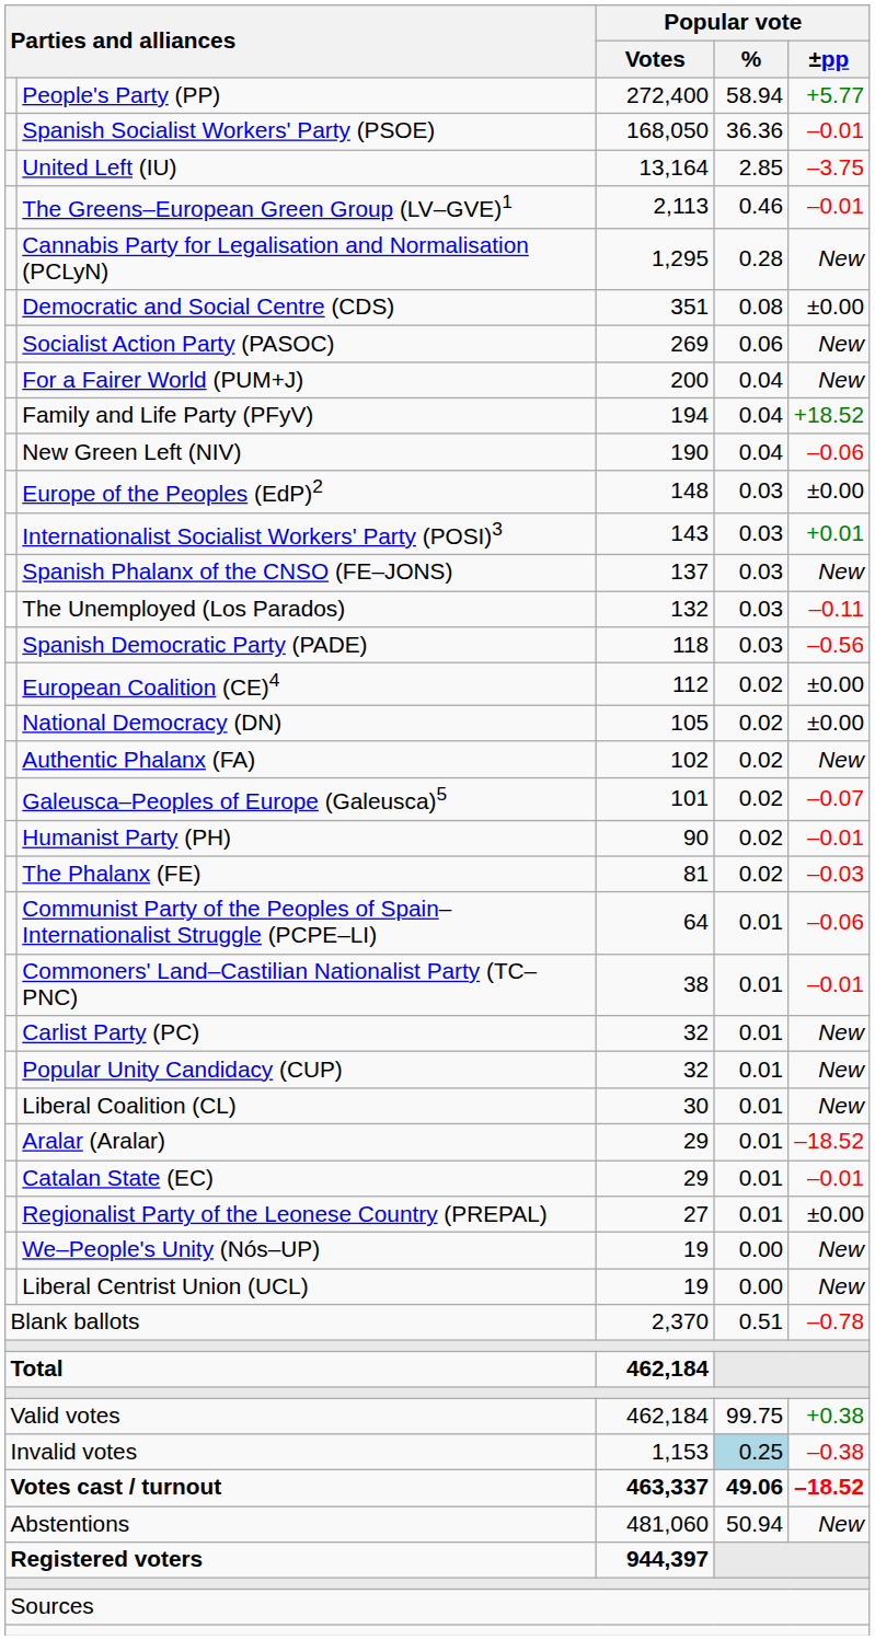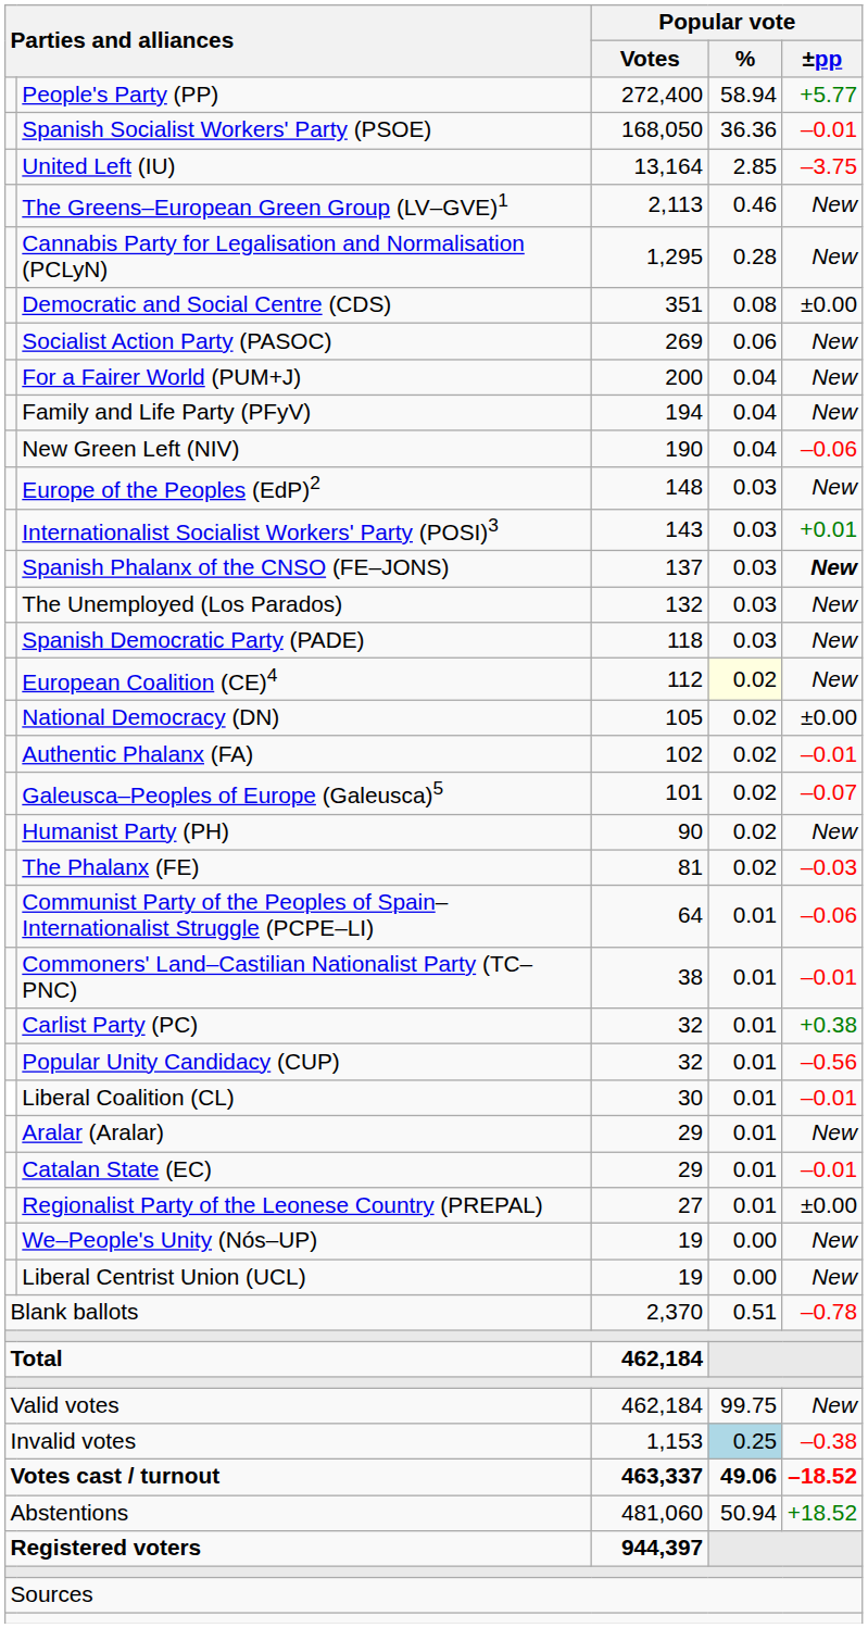 <table class="wikitable" style="text-align:right">
 <tr>
 <th style="text-align:left;" rowspan="2" colspan="2" width="525">Parties and alliances</th>
 <th colspan="3">Popular vote</th>
 </tr>
 <tr>
 <th width="75">Votes</th>
 <th width="45">%</th>
 <th width="45">±<a href='#'>pp</a></th>
 </tr>
 <tr>
 <td width="1" style="color:inherit;background:"></td>
 <td align="left"><a href='#'>People's Party</a> (PP)</td>
 <td>272,400</td>
 <td>58.94</td>
 <td style="color:green;">+5.77</td>
 </tr>
 <tr>
 <td style="color:inherit;background:"></td>
 <td align="left"><a href='#'>Spanish Socialist Workers' Party</a> (PSOE)</td>
 <td>168,050</td>
 <td>36.36</td>
 <td style="color:red;">–0.01</td>
 </tr>
 <tr>
 <td style="color:inherit;background:"></td>
 <td align="left"><a href='#'>United Left</a> (IU)</td>
 <td>13,164</td>
 <td>2.85</td>
 <td style="color:red;">–3.75</td>
 </tr>
 <tr>
 <td style="color:inherit;background:"></td>
 <td align="left"><a href='#'>The Greens–European Green Group</a> (LV–GVE)<sup>1</sup></td>
 <td>2,113</td>
 <td>0.46</td>
-<td style="color:red;">–0.01</td>
+<td><em>New</em></td>
 </tr>
 <tr>
 <td style="color:inherit;background:"></td>
 <td align="left"><a href='#'>Cannabis Party for Legalisation and Normalisation</a> (PCLyN)</td>
 <td>1,295</td>
 <td>0.28</td>
 <td><em>New</em></td>
 </tr>
 <tr>
 <td style="color:inherit;background:"></td>
 <td align="left"><a href='#'>Democratic and Social Centre</a> (CDS)</td>
 <td>351</td>
 <td>0.08</td>
 <td>±0.00</td>
 </tr>
 <tr>
 <td style="color:inherit;background:"></td>
 <td align="left"><a href='#'>Socialist Action Party</a> (PASOC)</td>
 <td>269</td>
 <td>0.06</td>
 <td><em>New</em></td>
 </tr>
 <tr>
 <td style="color:inherit;background:"></td>
 <td align="left"><a href='#'>For a Fairer World</a> (PUM+J)</td>
 <td>200</td>
 <td>0.04</td>
 <td><em>New</em></td>
 </tr>
 <tr>
 <td style="color:inherit;background:"></td>
 <td align="left">Family and Life Party (PFyV)</td>
 <td>194</td>
 <td>0.04</td>
-<td style="color:green;">+18.52</td>
+<td><em>New</em></td>
 </tr>
 <tr>
 <td style="color:inherit;background:"></td>
 <td align="left">New Green Left (NIV)</td>
 <td>190</td>
 <td>0.04</td>
 <td style="color:red;">–0.06</td>
 </tr>
 <tr>
 <td style="color:inherit;background:"></td>
 <td align="left"><a href='#'>Europe of the Peoples</a> (EdP)<sup>2</sup></td>
 <td>148</td>
 <td>0.03</td>
-<td>±0.00</td>
+<td><em>New</em></td>
 </tr>
 <tr>
 <td style="color:inherit;background:"></td>
 <td align="left"><a href='#'>Internationalist Socialist Workers' Party</a> (POSI)<sup>3</sup></td>
 <td>143</td>
 <td>0.03</td>
 <td style="color:green;">+0.01</td>
 </tr>
 <tr>
 <td style="color:inherit;background:"></td>
 <td align="left"><a href='#'>Spanish Phalanx of the CNSO</a> (FE–JONS)</td>
 <td>137</td>
 <td>0.03</td>
-<td><em>New</em></td>
+<td><strong><em>New</em></strong></td>
 </tr>
 <tr>
 <td bgcolor="white"></td>
 <td align="left">The Unemployed (Los Parados)</td>
 <td>132</td>
 <td>0.03</td>
-<td style="color:red;">–0.11</td>
+<td><em>New</em></td>
 </tr>
 <tr>
 <td style="color:inherit;background:"></td>
 <td align="left"><a href='#'>Spanish Democratic Party</a> (PADE)</td>
 <td>118</td>
 <td>0.03</td>
-<td style="color:red;">–0.56</td>
+<td><em>New</em></td>
 </tr>
 <tr>
 <td style="color:inherit;background:"></td>
 <td align="left"><a href='#'>European Coalition</a> (CE)<sup>4</sup></td>
 <td>112</td>
-<td>0.02</td>
-<td>±0.00</td>
+<td style="background: lightyellow;">0.02</td>
+<td><em>New</em></td>
 </tr>
 <tr>
 <td style="color:inherit;background:"></td>
 <td align="left"><a href='#'>National Democracy</a> (DN)</td>
 <td>105</td>
 <td>0.02</td>
 <td>±0.00</td>
 </tr>
 <tr>
 <td style="color:inherit;background:"></td>
 <td align="left"><a href='#'>Authentic Phalanx</a> (FA)</td>
 <td>102</td>
 <td>0.02</td>
-<td><em>New</em></td>
+<td style="color:red;">–0.01</td>
 </tr>
 <tr>
 <td style="color:inherit;background:"></td>
 <td align="left"><a href='#'>Galeusca–Peoples of Europe</a> (Galeusca)<sup>5</sup></td>
 <td>101</td>
 <td>0.02</td>
 <td style="color:red;">–0.07</td>
 </tr>
 <tr>
 <td style="color:inherit;background:"></td>
 <td align="left"><a href='#'>Humanist Party</a> (PH)</td>
 <td>90</td>
 <td>0.02</td>
-<td style="color:red;">–0.01</td>
+<td><em>New</em></td>
 </tr>
 <tr>
 <td style="color:inherit;background:"></td>
 <td align="left"><a href='#'>The Phalanx</a> (FE)</td>
 <td>81</td>
 <td>0.02</td>
 <td style="color:red;">–0.03</td>
 </tr>
 <tr>
 <td style="color:inherit;background:"></td>
 <td align="left"><a href='#'>Communist Party of the Peoples of Spain</a>–<a href='#'>Internationalist Struggle</a> (PCPE–LI)</td>
 <td>64</td>
 <td>0.01</td>
 <td style="color:red;">–0.06</td>
 </tr>
 <tr>
 <td style="color:inherit;background:"></td>
 <td align="left"><a href='#'>Commoners' Land–Castilian Nationalist Party</a> (TC–PNC)</td>
 <td>38</td>
 <td>0.01</td>
 <td style="color:red;">–0.01</td>
 </tr>
 <tr>
 <td style="color:inherit;background:"></td>
 <td align="left"><a href='#'>Carlist Party</a> (PC)</td>
 <td>32</td>
 <td>0.01</td>
-<td><em>New</em></td>
+<td style="color:green;">+0.38</td>
 </tr>
 <tr>
 <td style="color:inherit;background:"></td>
 <td align="left"><a href='#'>Popular Unity Candidacy</a> (CUP)</td>
 <td>32</td>
 <td>0.01</td>
-<td><em>New</em></td>
+<td style="color:red;">–0.56</td>
 </tr>
 <tr>
 <td bgcolor="white"></td>
 <td align="left">Liberal Coalition (CL)</td>
 <td>30</td>
 <td>0.01</td>
-<td><em>New</em></td>
+<td style="color:red;">–0.01</td>
 </tr>
 <tr>
 <td style="color:inherit;background:"></td>
 <td align="left"><a href='#'>Aralar</a> (Aralar)</td>
 <td>29</td>
 <td>0.01</td>
-<td style="color:red;">–18.52</td>
+<td><em>New</em></td>
 </tr>
 <tr>
 <td style="color:inherit;background:"></td>
 <td align="left"><a href='#'>Catalan State</a> (EC)</td>
 <td>29</td>
 <td>0.01</td>
 <td style="color:red;">–0.01</td>
 </tr>
 <tr>
 <td style="color:inherit;background:"></td>
 <td align="left"><a href='#'>Regionalist Party of the Leonese Country</a> (PREPAL)</td>
 <td>27</td>
 <td>0.01</td>
 <td>±0.00</td>
 </tr>
 <tr>
 <td style="color:inherit;background:"></td>
 <td align="left"><a href='#'>We–People's Unity</a> (Nós–UP)</td>
 <td>19</td>
 <td>0.00</td>
 <td><em>New</em></td>
 </tr>
 <tr>
 <td style="color:inherit;background:"></td>
 <td align="left">Liberal Centrist Union (UCL)</td>
 <td>19</td>
 <td>0.00</td>
 <td><em>New</em></td>
 </tr>
 <tr>
 <td align="left" colspan="2">Blank ballots</td>
 <td>2,370</td>
 <td>0.51</td>
 <td style="color:red;">–0.78</td>
 </tr>
 <tr>
 <td colspan="5" bgcolor="#E9E9E9"></td>
 </tr>
 <tr style="font-weight:bold;">
 <td align="left" colspan="2">Total</td>
 <td>462,184</td>
 <td bgcolor="#E9E9E9" colspan="2"></td>
 </tr>
 <tr>
 <td colspan="5" bgcolor="#E9E9E9"></td>
 </tr>
 <tr>
 <td align="left" colspan="2">Valid votes</td>
 <td>462,184</td>
 <td>99.75</td>
-<td style="color:green;">+0.38</td>
+<td><em>New</em></td>
 </tr>
 <tr>
 <td align="left" colspan="2">Invalid votes</td>
 <td>1,153</td>
 <td style="background: lightblue;">0.25</td>
 <td style="color:red;">–0.38</td>
 </tr>
 <tr style="font-weight:bold;">
 <td align="left" colspan="2">Votes cast / turnout</td>
 <td>463,337</td>
 <td>49.06</td>
 <td style="color:red;">–18.52</td>
 </tr>
 <tr>
 <td align="left" colspan="2">Abstentions</td>
 <td>481,060</td>
 <td>50.94</td>
-<td><em>New</em></td>
+<td style="color:green;">+18.52</td>
 </tr>
 <tr style="font-weight:bold;">
 <td align="left" colspan="2">Registered voters</td>
 <td>944,397</td>
 <td bgcolor="#E9E9E9" colspan="2"></td>
 </tr>
 <tr>
 <td colspan="5" bgcolor="#E9E9E9"></td>
 </tr>
 <tr>
 <td align="left" colspan="5">Sources</td>
 </tr>
 <tr>
 <td colspan="5" style="text-align:left; max-width:680px;"></td>
 </tr>
 </table>
